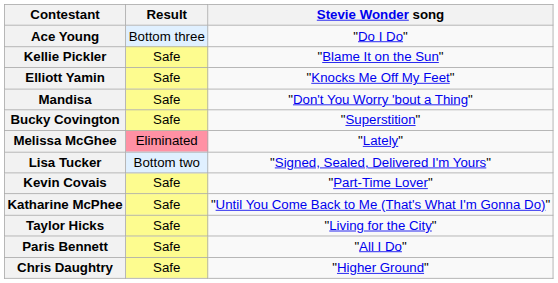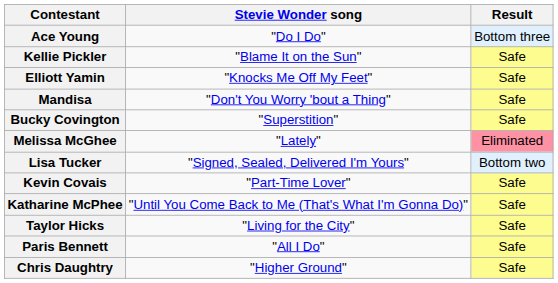 <table class="wikitable unsortable" style="text-align:center;">
 <tr>
 <th scope="col">Contestant</th>
+<th scope="col"><a href='#'>Stevie Wonder</a> song</th>
 <th scope="col">Result</th>
-<th scope="col"><a href='#'>Stevie Wonder</a> song</th>
 </tr>
 <tr>
 <th scope="row">Ace Young</th>
+<td>"<a href='#'>Do I Do</a>"</td>
 <td bgcolor="E0F0FF">Bottom three</td>
-<td>"<a href='#'>Do I Do</a>"</td>
 </tr>
 <tr>
 <th scope="row">Kellie Pickler</th>
+<td>"<a href='#'>Blame It on the Sun</a>"</td>
 <td style="background:#FDFC8F">Safe</td>
-<td>"<a href='#'>Blame It on the Sun</a>"</td>
 </tr>
 <tr>
 <th scope="row">Elliott Yamin</th>
+<td>"<a href='#'>Knocks Me Off My Feet</a>"</td>
 <td style="background:#FDFC8F">Safe</td>
-<td>"<a href='#'>Knocks Me Off My Feet</a>"</td>
 </tr>
 <tr>
 <th scope="row">Mandisa</th>
+<td>"<a href='#'>Don't You Worry 'bout a Thing</a>"</td>
 <td style="background:#FDFC8F">Safe</td>
-<td>"<a href='#'>Don't You Worry 'bout a Thing</a>"</td>
 </tr>
 <tr>
 <th scope="row">Bucky Covington</th>
+<td>"<a href='#'>Superstition</a>"</td>
 <td style="background:#FDFC8F">Safe</td>
-<td>"<a href='#'>Superstition</a>"</td>
 </tr>
 <tr>
 <th scope="row">Melissa McGhee</th>
+<td>"<a href='#'>Lately</a>"</td>
 <td bgcolor="FF91A4">Eliminated</td>
-<td>"<a href='#'>Lately</a>"</td>
 </tr>
 <tr>
 <th scope="row">Lisa Tucker</th>
+<td>"<a href='#'>Signed, Sealed, Delivered I'm Yours</a>"</td>
 <td bgcolor="E0F0FF">Bottom two</td>
-<td>"<a href='#'>Signed, Sealed, Delivered I'm Yours</a>"</td>
 </tr>
 <tr>
 <th scope="row">Kevin Covais</th>
+<td>"<a href='#'>Part-Time Lover</a>"</td>
 <td style="background:#FDFC8F">Safe</td>
-<td>"<a href='#'>Part-Time Lover</a>"</td>
 </tr>
 <tr>
 <th scope="row">Katharine McPhee</th>
+<td>"<a href='#'>Until You Come Back to Me (That's What I'm Gonna Do)</a>"</td>
 <td style="background:#FDFC8F">Safe</td>
-<td>"<a href='#'>Until You Come Back to Me (That's What I'm Gonna Do)</a>"</td>
 </tr>
 <tr>
 <th scope="row">Taylor Hicks</th>
+<td>"<a href='#'>Living for the City</a>"</td>
 <td style="background:#FDFC8F">Safe</td>
-<td>"<a href='#'>Living for the City</a>"</td>
 </tr>
 <tr>
 <th scope="row">Paris Bennett</th>
+<td>"<a href='#'>All I Do</a>"</td>
 <td style="background:#FDFC8F">Safe</td>
-<td>"<a href='#'>All I Do</a>"</td>
 </tr>
 <tr>
 <th scope="row">Chris Daughtry</th>
+<td>"<a href='#'>Higher Ground</a>"</td>
 <td style="background:#FDFC8F">Safe</td>
-<td>"<a href='#'>Higher Ground</a>"</td>
 </tr>
 </table>
